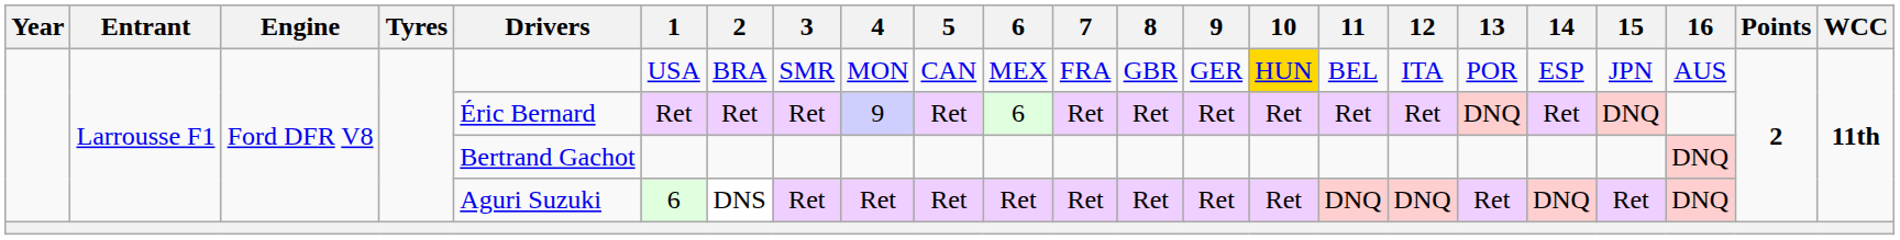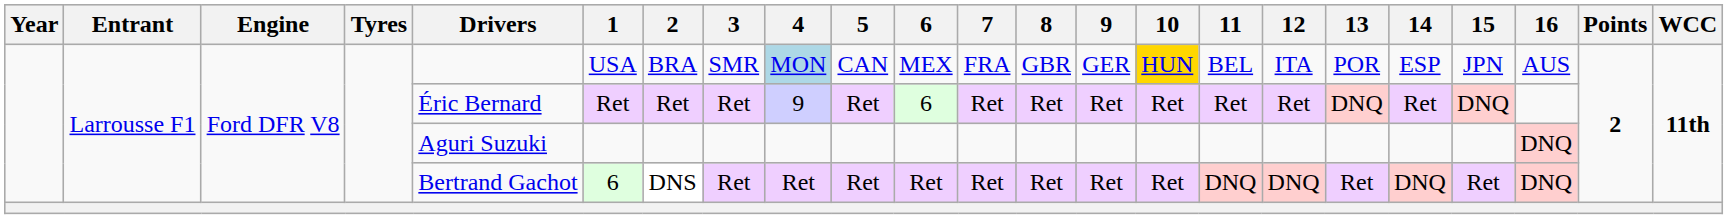 <table class="wikitable" style="text-align:center; font-size:95%">
 <tr>
 <th>Year</th>
 <th>Entrant</th>
 <th>Engine</th>
 <th>Tyres</th>
 <th>Drivers</th>
 <th>1</th>
 <th>2</th>
 <th>3</th>
 <th>4</th>
 <th>5</th>
 <th>6</th>
 <th>7</th>
 <th>8</th>
 <th>9</th>
 <th>10</th>
 <th>11</th>
 <th>12</th>
 <th>13</th>
 <th>14</th>
 <th>15</th>
 <th>16</th>
 <th>Points</th>
 <th>WCC</th>
 </tr>
 <tr>
 <td rowspan="4"></td>
 <td rowspan="4"><a href='#'>Larrousse F1</a></td>
 <td rowspan="4"><a href='#'>Ford DFR</a> <a href='#'>V8</a></td>
 <td rowspan="4"></td>
 <td></td>
 <td><a href='#'>USA</a></td>
 <td><a href='#'>BRA</a></td>
 <td><a href='#'>SMR</a></td>
-<td><a href='#'>MON</a></td>
+<td style="background: lightblue;"><a href='#'>MON</a></td>
 <td><a href='#'>CAN</a></td>
 <td><a href='#'>MEX</a></td>
 <td><a href='#'>FRA</a></td>
 <td><a href='#'>GBR</a></td>
 <td><a href='#'>GER</a></td>
 <td style="background: gold;"><a href='#'>HUN</a></td>
 <td><a href='#'>BEL</a></td>
 <td><a href='#'>ITA</a></td>
 <td><a href='#'>POR</a></td>
 <td><a href='#'>ESP</a></td>
 <td><a href='#'>JPN</a></td>
 <td><a href='#'>AUS</a></td>
 <td rowspan="4"><strong>2</strong></td>
 <td rowspan="4"><strong>11th</strong></td>
 </tr>
 <tr>
 <td align="left"><a href='#'>Éric Bernard</a></td>
 <td style="background:#efcfff;">Ret</td>
 <td style="background:#efcfff;">Ret</td>
 <td style="background:#efcfff;">Ret</td>
 <td style="background:#cfcfff;">9</td>
 <td style="background:#efcfff;">Ret</td>
 <td style="background:#dfffdf;">6</td>
 <td style="background:#efcfff;">Ret</td>
 <td style="background:#efcfff;">Ret</td>
 <td style="background:#efcfff;">Ret</td>
 <td style="background:#efcfff;">Ret</td>
 <td style="background:#efcfff;">Ret</td>
 <td style="background:#efcfff;">Ret</td>
 <td style="background:#ffcfcf;">DNQ</td>
 <td style="background:#efcfff;">Ret</td>
 <td style="background:#ffcfcf;">DNQ</td>
 <td></td>
 </tr>
 <tr>
-<td align="left"><a href='#'>Bertrand Gachot</a></td>
+<td align="left"><a href='#'>Aguri Suzuki</a></td>
 <td></td>
 <td></td>
 <td></td>
 <td></td>
 <td></td>
 <td></td>
 <td></td>
 <td></td>
 <td></td>
 <td></td>
 <td></td>
 <td></td>
 <td></td>
 <td></td>
 <td></td>
 <td style="background:#ffcfcf;">DNQ</td>
 </tr>
 <tr>
-<td align="left"><a href='#'>Aguri Suzuki</a></td>
+<td align="left"><a href='#'>Bertrand Gachot</a></td>
 <td style="background:#dfffdf;">6</td>
 <td style="background:#FFFFFF;">DNS</td>
 <td style="background:#efcfff;">Ret</td>
 <td style="background:#efcfff;">Ret</td>
 <td style="background:#efcfff;">Ret</td>
 <td style="background:#efcfff;">Ret</td>
 <td style="background:#efcfff;">Ret</td>
 <td style="background:#efcfff;">Ret</td>
 <td style="background:#efcfff;">Ret</td>
 <td style="background:#efcfff;">Ret</td>
 <td style="background:#ffcfcf;">DNQ</td>
 <td style="background:#ffcfcf;">DNQ</td>
 <td style="background:#efcfff;">Ret</td>
 <td style="background:#ffcfcf;">DNQ</td>
 <td style="background:#efcfff;">Ret</td>
 <td style="background:#ffcfcf;">DNQ</td>
 </tr>
 <tr>
 <th colspan="23"></th>
 </tr>
 </table>
